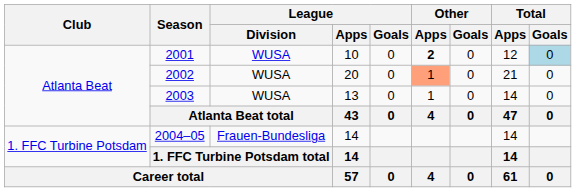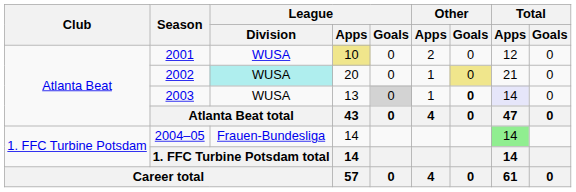 <table class="wikitable" style="text-align: center;">
 <tr>
 <th rowspan=2>Club</th>
 <th rowspan=2>Season</th>
 <th colspan=3>League</th>
 <th colspan=2>Other</th>
 <th colspan=2>Total</th>
 </tr>
 <tr>
 <th>Division</th>
 <th>Apps</th>
 <th>Goals</th>
 <th>Apps</th>
 <th>Goals</th>
 <th>Apps</th>
 <th>Goals</th>
 </tr>
 <tr>
 <td rowspan=4><a href='#'>Atlanta Beat</a></td>
 <td><a href='#'>2001</a></td>
 <td><a href='#'>WUSA</a></td>
-<td>10</td>
+<td style="background: khaki;">10</td>
 <td>0</td>
-<td><strong>2</strong></td>
+<td>2</td>
 <td>0</td>
 <td>12</td>
-<td style="background: lightblue;">0</td>
+<td>0</td>
 </tr>
 <tr>
 <td><a href='#'>2002</a></td>
-<td>WUSA</td>
+<td style="background: paleturquoise;">WUSA</td>
 <td>20</td>
 <td>0</td>
-<td style="background: lightsalmon;">1</td>
-<td>0</td>
+<td>1</td>
+<td style="background: khaki;">0</td>
 <td>21</td>
 <td>0</td>
 </tr>
 <tr>
 <td><a href='#'>2003</a></td>
 <td>WUSA</td>
 <td>13</td>
-<td>0</td>
+<td style="background: lightgrey;">0</td>
 <td>1</td>
-<td>0</td>
-<td>14</td>
+<td><strong>0</strong></td>
+<td style="background: lavender;">14</td>
 <td>0</td>
 </tr>
 <tr>
 <th colspan=2>Atlanta Beat total</th>
 <th>43</th>
 <th>0</th>
 <th>4</th>
 <th>0</th>
 <th>47</th>
 <th>0</th>
 </tr>
 <tr>
 <td rowspan=2><a href='#'>1. FFC Turbine Potsdam</a></td>
 <td><a href='#'>2004–05</a></td>
 <td><a href='#'>Frauen-Bundesliga</a></td>
 <td>14</td>
 <td></td>
 <td></td>
 <td></td>
-<td>14</td>
+<td style="background: lightgreen;">14</td>
 <td></td>
 </tr>
 <tr>
 <th colspan=2>1. FFC Turbine Potsdam total</th>
 <th>14</th>
 <th></th>
 <th></th>
 <th></th>
 <th>14</th>
 <th></th>
 </tr>
 <tr>
 <th colspan=3>Career total</th>
 <th>57</th>
 <th>0</th>
 <th>4</th>
 <th>0</th>
 <th>61</th>
 <th>0</th>
 </tr>
 </table>
